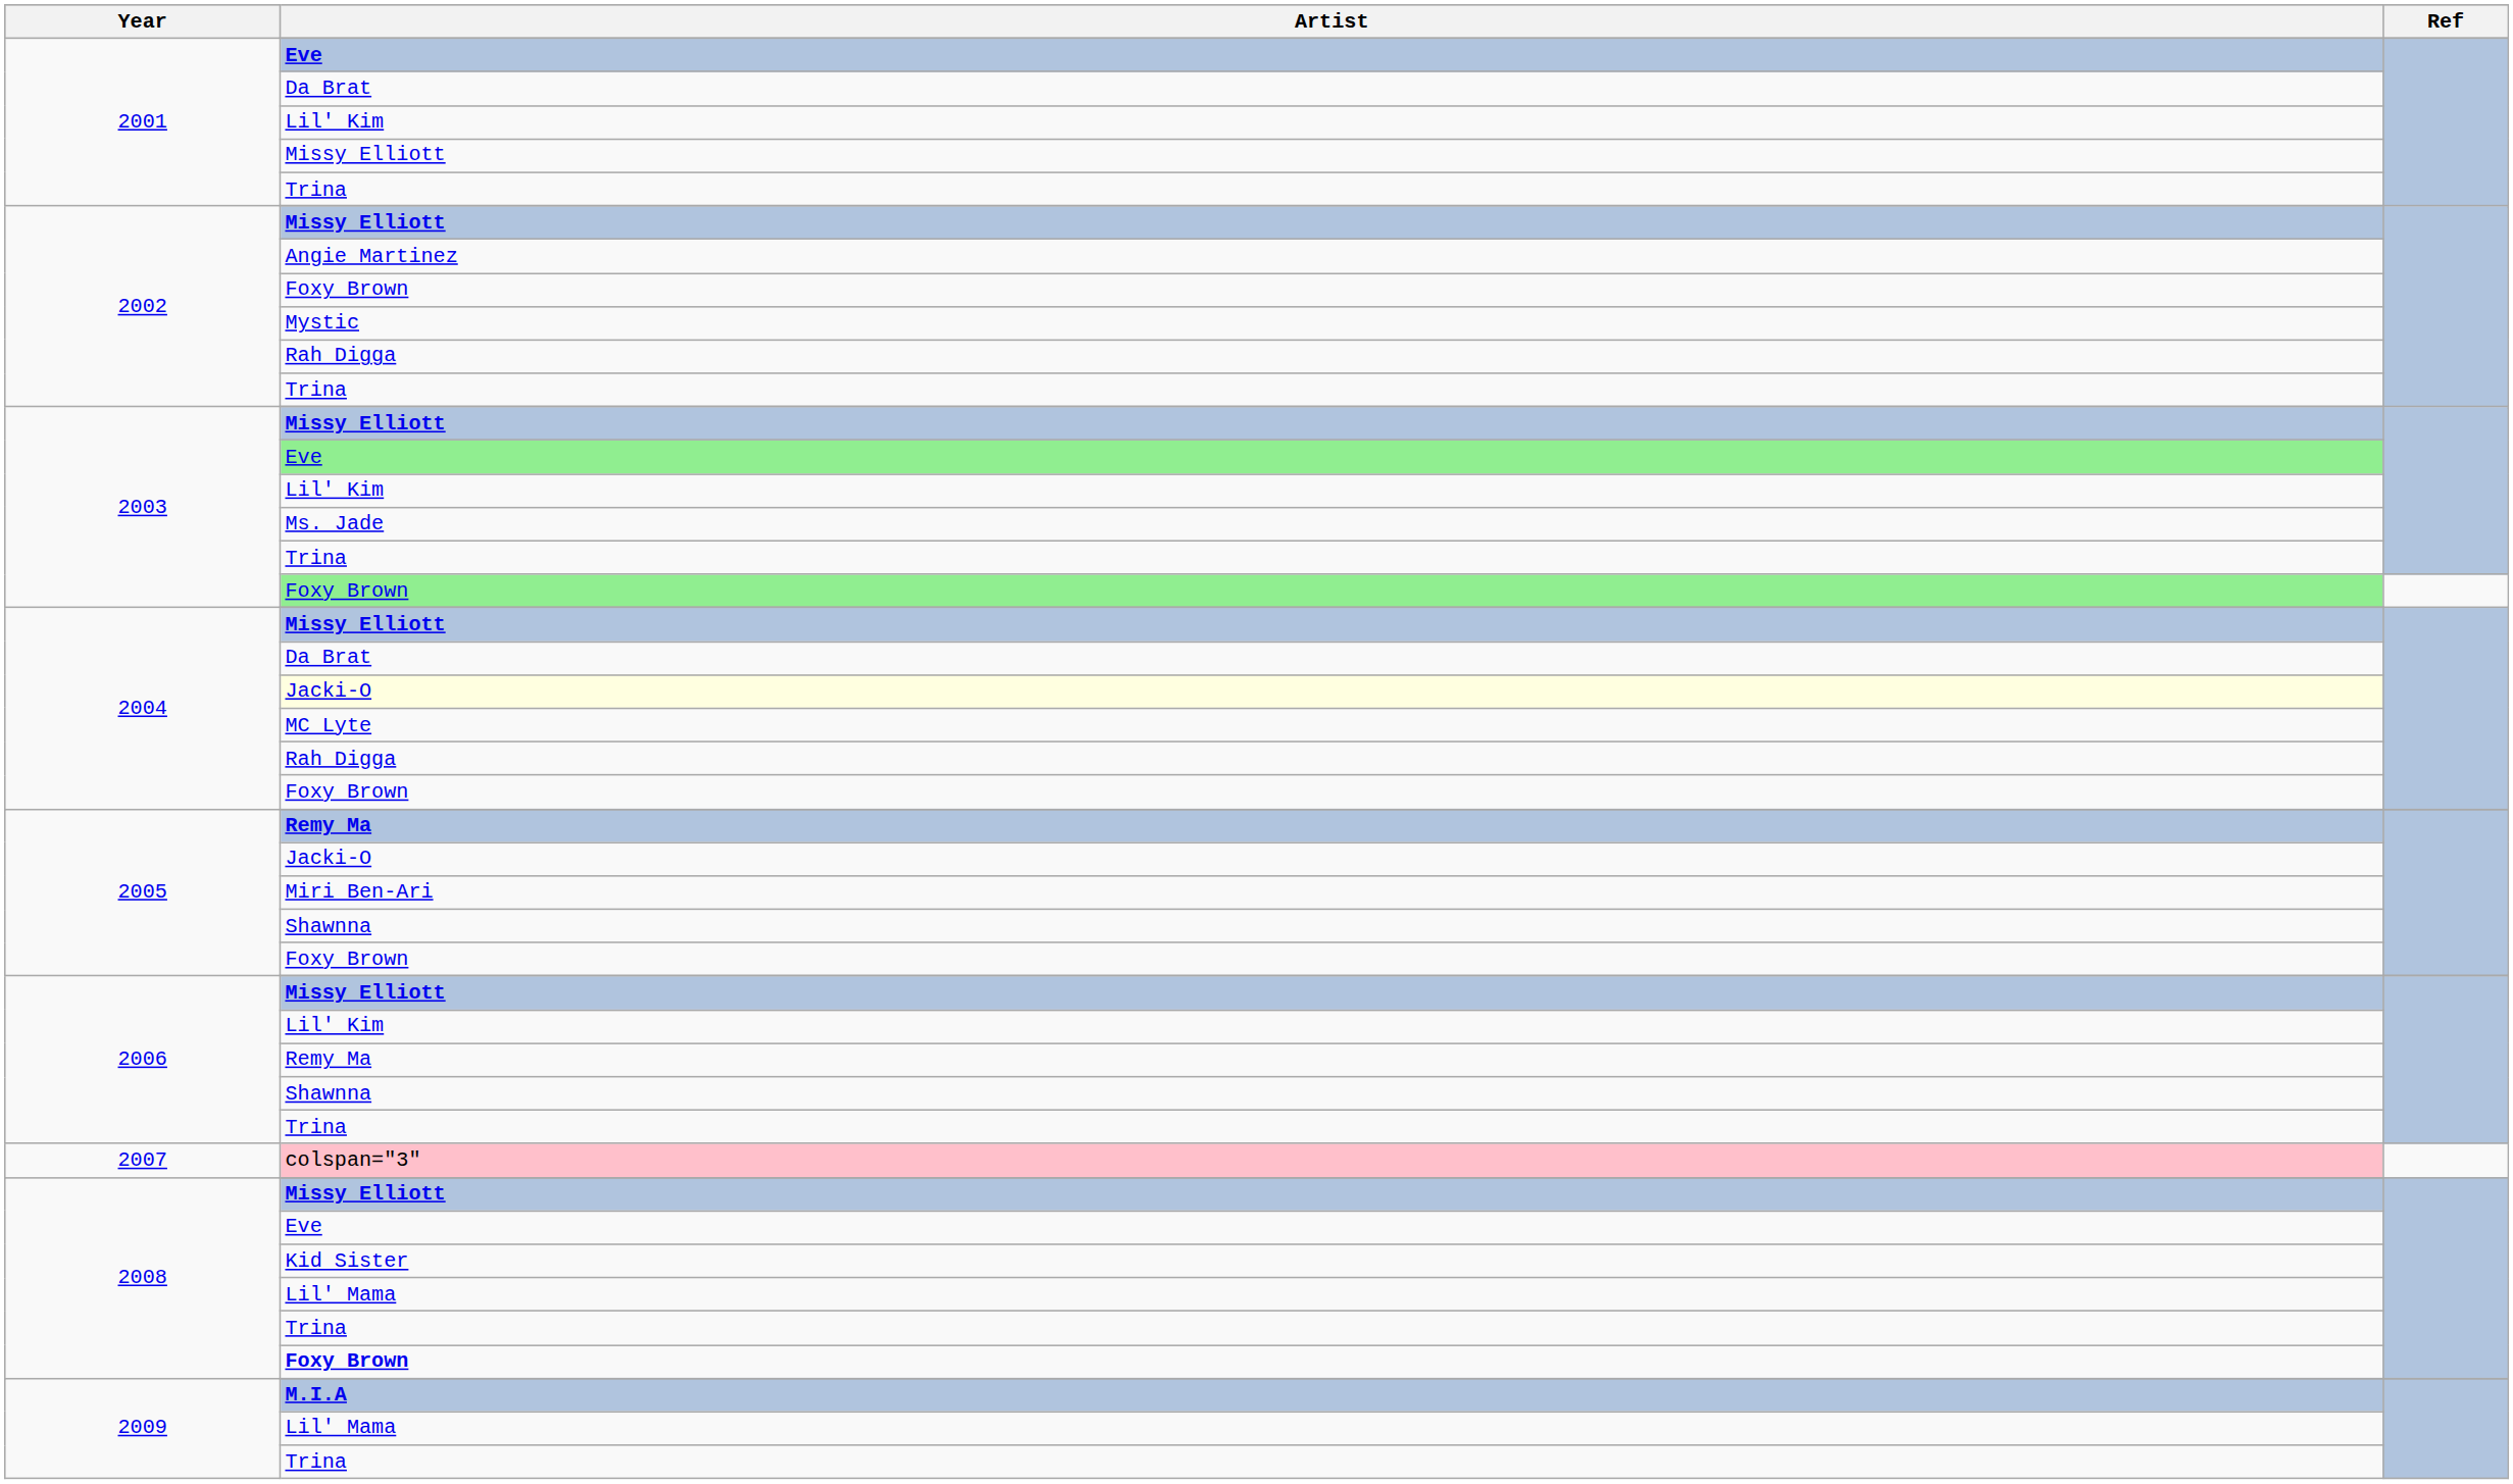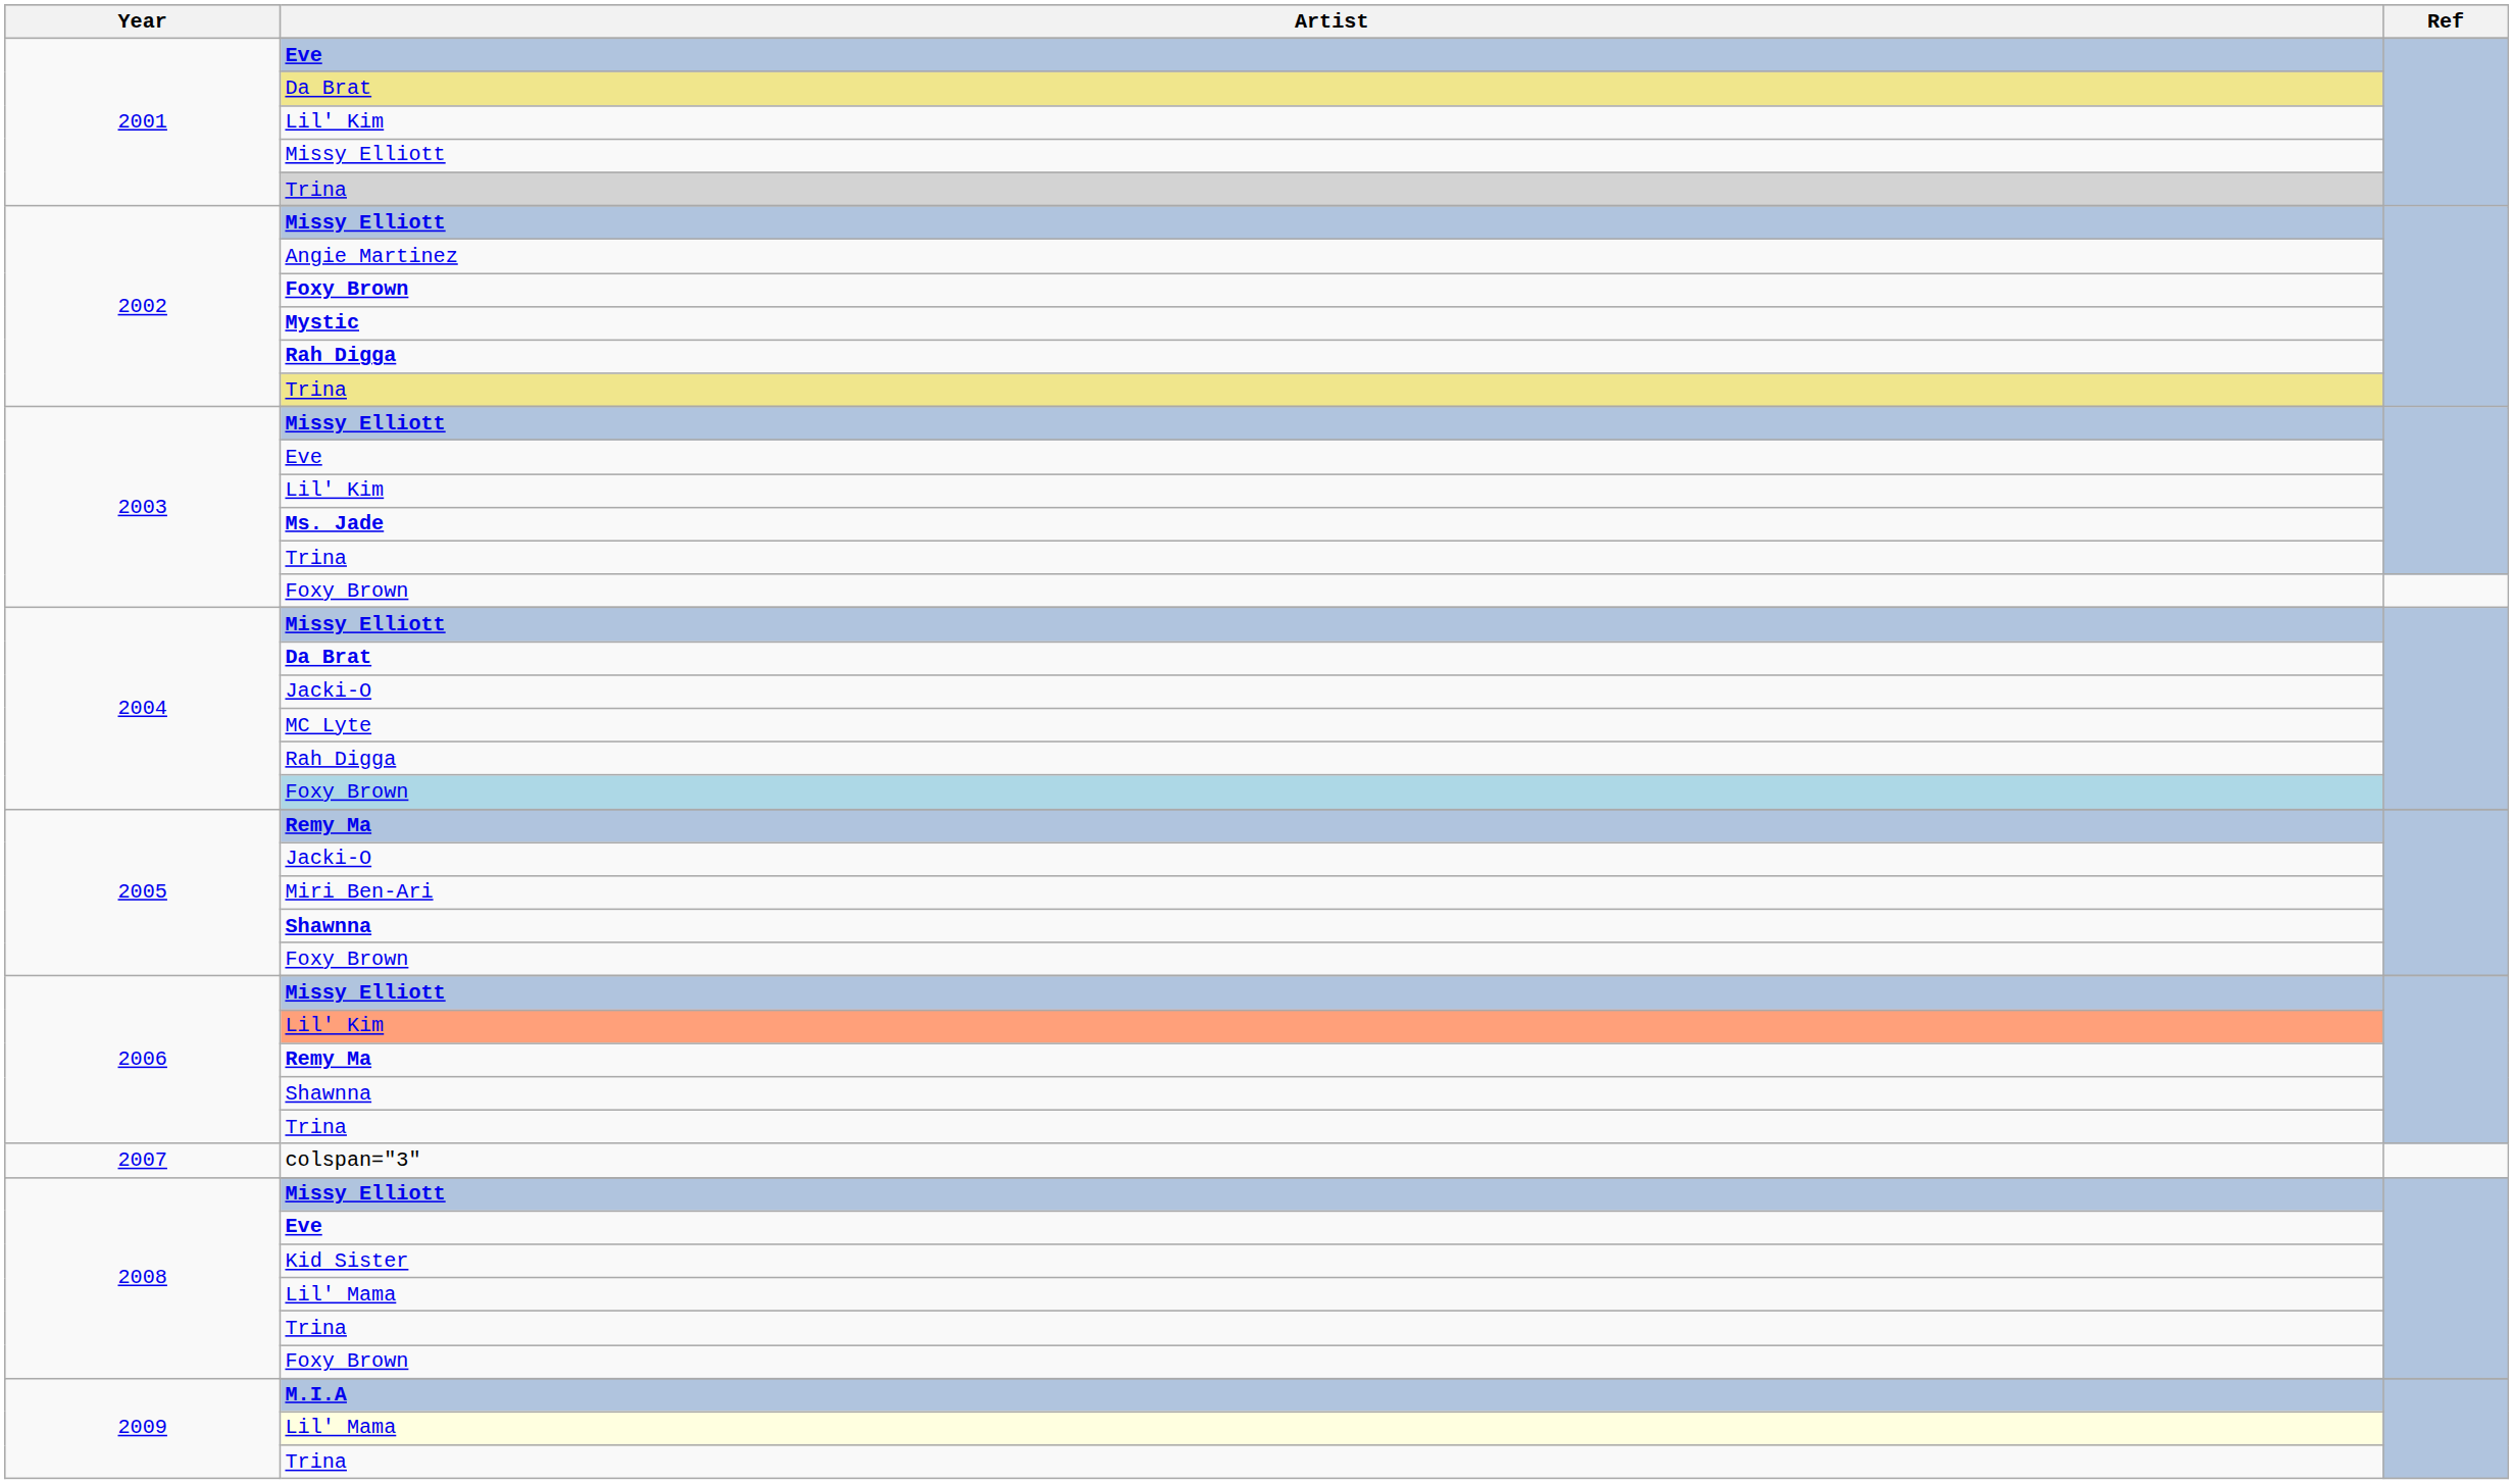 <table class="wikitable" style="width:100%;">
 <tr style="background:#bebebe;">
 <th style="width:11%;">Year</th>
 <th style="width:84%;">Artist</th>
 <th style="width:5%;">Ref</th>
 </tr>
 <tr>
 <td rowspan="6" align="center"><a href='#'>2001</a></td>
 </tr>
 <tr style="background:#B0C4DE">
 <td><strong><a href='#'>Eve</a></strong></td>
 <td rowspan="6" align="center"></td>
 </tr>
 <tr>
-<td><a href='#'>Da Brat</a></td>
+<td style="background: khaki;"><a href='#'>Da Brat</a></td>
 </tr>
 <tr>
 <td><a href='#'>Lil' Kim</a></td>
 </tr>
 <tr>
 <td><a href='#'>Missy Elliott</a></td>
 </tr>
 <tr>
-<td><a href='#'>Trina</a></td>
+<td style="background: lightgrey;"><a href='#'>Trina</a></td>
 </tr>
 <tr>
 <td rowspan="7" align="center"><a href='#'>2002</a></td>
 </tr>
 <tr style="background:#B0C4DE">
 <td><strong><a href='#'>Missy Elliott</a></strong></td>
 <td rowspan="7" align="center"></td>
 </tr>
 <tr>
 <td><a href='#'>Angie Martinez</a></td>
 </tr>
 <tr>
-<td><a href='#'>Foxy Brown</a></td>
+<td><strong><a href='#'>Foxy Brown</a></strong></td>
 </tr>
 <tr>
-<td><a href='#'>Mystic</a></td>
+<td><strong><a href='#'>Mystic</a></strong></td>
 </tr>
 <tr>
-<td><a href='#'>Rah Digga</a></td>
+<td><strong><a href='#'>Rah Digga</a></strong></td>
 </tr>
 <tr>
-<td><a href='#'>Trina</a></td>
+<td style="background: khaki;"><a href='#'>Trina</a></td>
 </tr>
 <tr>
 <td rowspan="7" align="center"><a href='#'>2003</a></td>
 </tr>
 <tr style="background:#B0C4DE">
 <td><strong><a href='#'>Missy Elliott</a></strong></td>
 <td rowspan="5" align="center"></td>
 </tr>
 <tr>
-<td style="background: lightgreen;"><a href='#'>Eve</a></td>
+<td><a href='#'>Eve</a></td>
 </tr>
 <tr>
 <td><a href='#'>Lil' Kim</a></td>
 </tr>
 <tr>
-<td><a href='#'>Ms. Jade</a></td>
+<td><strong><a href='#'>Ms. Jade</a></strong></td>
 </tr>
 <tr>
 <td><a href='#'>Trina</a></td>
 </tr>
 <tr>
-<td style="background: lightgreen;"><a href='#'>Foxy Brown</a></td>
+<td><a href='#'>Foxy Brown</a></td>
 </tr>
 <tr>
 <td rowspan="7" align="center"><a href='#'>2004</a></td>
 </tr>
 <tr style="background:#B0C4DE">
 <td><strong><a href='#'>Missy Elliott</a></strong></td>
 <td rowspan="6" align="center"></td>
 </tr>
 <tr>
-<td><a href='#'>Da Brat</a></td>
+<td><strong><a href='#'>Da Brat</a></strong></td>
 </tr>
 <tr>
-<td style="background: lightyellow;"><a href='#'>Jacki-O</a></td>
+<td><a href='#'>Jacki-O</a></td>
 </tr>
 <tr>
 <td><a href='#'>MC Lyte</a></td>
 </tr>
 <tr>
 <td><a href='#'>Rah Digga</a></td>
 </tr>
 <tr>
-<td><a href='#'>Foxy Brown</a></td>
+<td style="background: lightblue;"><a href='#'>Foxy Brown</a></td>
 </tr>
 <tr>
 <td rowspan="6" align="center"><a href='#'>2005</a></td>
 </tr>
 <tr style="background:#B0C4DE">
 <td><strong><a href='#'>Remy Ma</a></strong></td>
 <td rowspan="5" align="center"></td>
 </tr>
 <tr>
 <td><a href='#'>Jacki-O</a></td>
 </tr>
 <tr>
 <td><a href='#'>Miri Ben-Ari</a></td>
 </tr>
 <tr>
-<td><a href='#'>Shawnna</a></td>
+<td><strong><a href='#'>Shawnna</a></strong></td>
 </tr>
 <tr>
 <td><a href='#'>Foxy Brown</a></td>
 </tr>
 <tr>
 <td rowspan="6" align="center"><a href='#'>2006</a></td>
 </tr>
 <tr style="background:#B0C4DE">
 <td><strong><a href='#'>Missy Elliott</a></strong></td>
 <td rowspan="5" align="center"></td>
 </tr>
 <tr>
-<td><a href='#'>Lil' Kim</a></td>
+<td style="background: lightsalmon;"><a href='#'>Lil' Kim</a></td>
 </tr>
 <tr>
-<td><a href='#'>Remy Ma</a></td>
+<td><strong><a href='#'>Remy Ma</a></strong></td>
 </tr>
 <tr>
 <td><a href='#'>Shawnna</a></td>
 </tr>
 <tr>
 <td><a href='#'>Trina</a></td>
 </tr>
 <tr>
 <td align="center"><a href='#'>2007</a></td>
-<td style="background: pink;">colspan="3" </td>
+<td>colspan="3" </td>
 </tr>
 <tr>
 <td rowspan="7" align="center"><a href='#'>2008</a></td>
 </tr>
 <tr style="background:#B0C4DE">
 <td><strong><a href='#'>Missy Elliott</a></strong></td>
 <td rowspan="6" align="center"></td>
 </tr>
 <tr>
-<td><a href='#'>Eve</a></td>
+<td><strong><a href='#'>Eve</a></strong></td>
 </tr>
 <tr>
 <td><a href='#'>Kid Sister</a></td>
 </tr>
 <tr>
 <td><a href='#'>Lil' Mama</a></td>
 </tr>
 <tr>
 <td><a href='#'>Trina</a></td>
 </tr>
 <tr>
-<td><strong><a href='#'>Foxy Brown</a></strong></td>
+<td><a href='#'>Foxy Brown</a></td>
 </tr>
 <tr>
 <td rowspan="4" align="center"><a href='#'>2009</a></td>
 </tr>
 <tr style="background:#B0C4DE">
 <td><strong><a href='#'>M.I.A</a></strong></td>
 <td rowspan="4" align="center"></td>
 </tr>
 <tr>
-<td><a href='#'>Lil' Mama</a></td>
+<td style="background: lightyellow;"><a href='#'>Lil' Mama</a></td>
 </tr>
 <tr>
 <td><a href='#'>Trina</a></td>
 </tr>
 </table>
